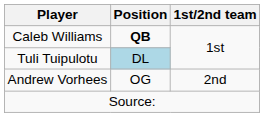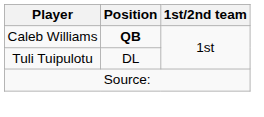 <table class="wikitable" style="text-align: center">
 <tr align=center>
 <th>Player</th>
 <th>Position</th>
 <th>1st/2nd team</th>
 </tr>
 <tr>
 <td>Caleb Williams</td>
 <td><strong>QB</strong></td>
 <td rowspan="2">1st</td>
 </tr>
 <tr>
 <td>Tuli Tuipulotu</td>
-<td style="background: lightblue;">DL</td>
-</tr>
-<tr>
-<td>Andrew Vorhees</td>
-<td>OG</td>
-<td>2nd</td>
+<td>DL</td>
 </tr>
 <tr>
 <td colspan="3">Source:</td>
 </tr>
 </table>
